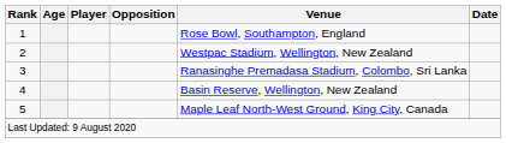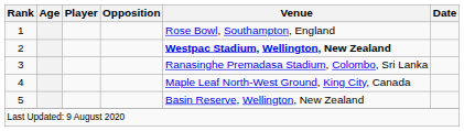 <table class="wikitable plainrowheaders sortable">
 <tr>
 <th scope=col>Rank</th>
 <th scope=col>Age</th>
 <th scope=col>Player</th>
 <th scope=col>Opposition</th>
 <th scope=col>Venue</th>
 <th scope=col>Date</th>
 </tr>
 <tr>
 <td align=center>1</td>
 <th scope=row style=text-align:center;></th>
 <td></td>
 <td></td>
 <td><a href='#'>Rose Bowl</a>, <a href='#'>Southampton</a>, England</td>
 <td></td>
 </tr>
 <tr>
 <td align=center>2</td>
 <th scope=row style=text-align:center;></th>
 <td></td>
 <td></td>
-<td><a href='#'>Westpac Stadium</a>, <a href='#'>Wellington</a>, New Zealand</td>
+<td><strong><a href='#'>Westpac Stadium</a>, <a href='#'>Wellington</a>, New Zealand</strong></td>
 <td></td>
 </tr>
 <tr>
 <td align=center>3</td>
 <th scope=row style=text-align:center;></th>
 <td></td>
 <td></td>
 <td><a href='#'>Ranasinghe Premadasa Stadium</a>, <a href='#'>Colombo</a>, Sri Lanka</td>
 <td></td>
 </tr>
 <tr>
 <td align=center>4</td>
 <th scope=row style=text-align:center;></th>
 <td></td>
 <td></td>
-<td><a href='#'>Basin Reserve</a>, <a href='#'>Wellington</a>, New Zealand</td>
+<td><a href='#'>Maple Leaf North-West Ground</a>, <a href='#'>King City</a>, Canada</td>
 <td></td>
 </tr>
 <tr>
 <td align=center>5</td>
 <th scope=row style=text-align:center;></th>
 <td></td>
 <td></td>
-<td><a href='#'>Maple Leaf North-West Ground</a>, <a href='#'>King City</a>, Canada</td>
+<td><a href='#'>Basin Reserve</a>, <a href='#'>Wellington</a>, New Zealand</td>
 <td></td>
 </tr>
 <tr>
 </tr>
 <tr class=sortbottom>
 <td colspan=7><small>Last Updated: 9 August 2020</small></td>
 </tr>
 </table>
